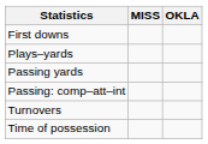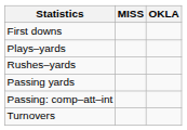 <table class="wikitable" style="float:left">
 <tr>
 <th>Statistics</th>
 <th>MISS</th>
 <th>OKLA</th>
 </tr>
 <tr>
 <td>First downs</td>
 <td></td>
 <td></td>
 </tr>
 <tr>
 <td>Plays–yards</td>
+<td></td>
+<td></td>
+</tr>
+<tr>
+<td>Rushes–yards</td>
 <td></td>
 <td></td>
 </tr>
 <tr>
 <td>Passing yards</td>
 <td></td>
 <td></td>
 </tr>
 <tr>
 <td>Passing: comp–att–int</td>
 <td></td>
 <td></td>
 </tr>
 <tr>
 <td>Turnovers</td>
 <td></td>
 <td></td>
 </tr>
-<tr>
-<td>Time of possession</td>
-<td></td>
-<td></td>
-</tr>
 </table>
